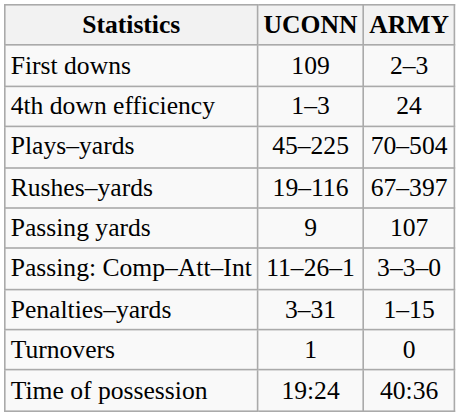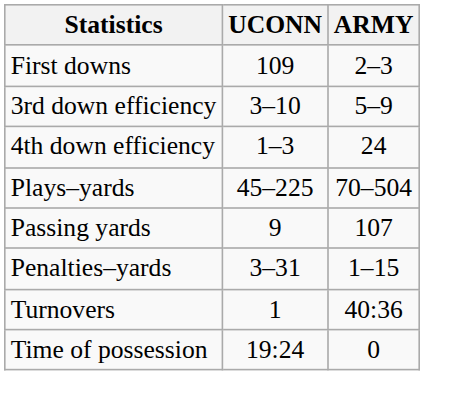 <table class="wikitable">
 <tr>
 <th>Statistics</th>
 <th>UCONN</th>
 <th>ARMY</th>
 </tr>
 <tr>
 <td>First downs</td>
 <td align=center>109</td>
 <td align=center>2–3</td>
 </tr>
 <tr>
+<td>3rd down efficiency</td>
+<td align=center>3–10</td>
+<td align=center>5–9</td>
+</tr>
+<tr>
 <td>4th down efficiency</td>
 <td align=center>1–3</td>
 <td align=center>24</td>
 </tr>
 <tr>
 <td>Plays–yards</td>
 <td align=center>45–225</td>
 <td align=center>70–504</td>
 </tr>
 <tr>
-<td>Rushes–yards</td>
-<td align=center>19–116</td>
-<td align=center>67–397</td>
-</tr>
-<tr>
 <td>Passing yards</td>
 <td align=center>9</td>
 <td align=center>107</td>
-</tr>
-<tr>
-<td>Passing: Comp–Att–Int</td>
-<td align=center>11–26–1</td>
-<td align=center>3–3–0</td>
 </tr>
 <tr>
 <td>Penalties–yards</td>
 <td align=center>3–31</td>
 <td align=center>1–15</td>
 </tr>
 <tr>
 <td>Turnovers</td>
 <td align=center>1</td>
-<td align=center>0</td>
+<td align=center>40:36</td>
 </tr>
 <tr>
 <td>Time of possession</td>
 <td align=center>19:24</td>
-<td align=center>40:36</td>
+<td align=center>0</td>
 </tr>
 </table>
